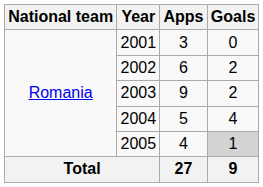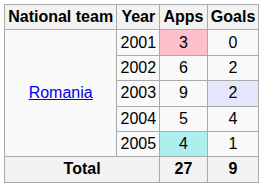 <table class="wikitable" style="text-align:center">
 <tr>
 <th>National team</th>
 <th>Year</th>
 <th>Apps</th>
 <th>Goals</th>
 </tr>
 <tr>
 <td rowspan="5"><a href='#'>Romania</a></td>
 <td>2001</td>
-<td>3</td>
+<td style="background: pink;">3</td>
 <td>0</td>
 </tr>
 <tr>
 <td>2002</td>
 <td>6</td>
 <td>2</td>
 </tr>
 <tr>
 <td>2003</td>
 <td>9</td>
-<td>2</td>
+<td style="background: lavender;">2</td>
 </tr>
 <tr>
 <td>2004</td>
 <td>5</td>
 <td>4</td>
 </tr>
 <tr>
 <td>2005</td>
-<td>4</td>
-<td style="background: lightgrey;">1</td>
+<td style="background: paleturquoise;">4</td>
+<td>1</td>
 </tr>
 <tr>
 <th colspan="2">Total</th>
 <th>27</th>
 <th>9</th>
 </tr>
 </table>
